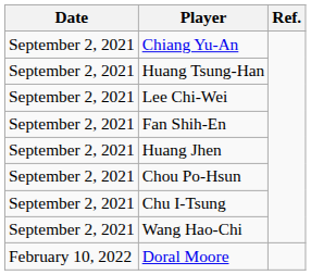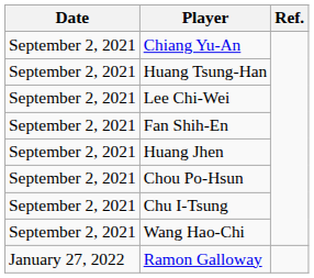 <table class="wikitable">
 <tr>
 <th>Date</th>
 <th>Player</th>
 <th>Ref.</th>
 </tr>
 <tr>
 <td>September 2, 2021</td>
 <td><a href='#'>Chiang Yu-An</a></td>
 <td rowspan=8></td>
 </tr>
 <tr>
 <td>September 2, 2021</td>
 <td>Huang Tsung-Han</td>
 </tr>
 <tr>
 <td>September 2, 2021</td>
 <td>Lee Chi-Wei</td>
 </tr>
 <tr>
 <td>September 2, 2021</td>
 <td>Fan Shih-En</td>
 </tr>
 <tr>
 <td>September 2, 2021</td>
 <td>Huang Jhen</td>
 </tr>
 <tr>
 <td>September 2, 2021</td>
 <td>Chou Po-Hsun</td>
 </tr>
 <tr>
 <td>September 2, 2021</td>
 <td>Chu I-Tsung</td>
 </tr>
 <tr>
 <td>September 2, 2021</td>
 <td>Wang Hao-Chi</td>
 </tr>
 <tr>
-<td>February 10, 2022</td>
-<td><a href='#'>Doral Moore</a></td>
+<td>January 27, 2022</td>
+<td><a href='#'>Ramon Galloway</a></td>
 <td></td>
 </tr>
 </table>
